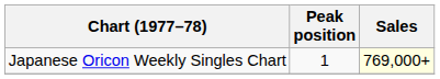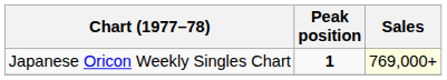 <table class="wikitable">
 <tr>
 <th align="left">Chart (1977–78)</th>
 <th align="left">Peak<br>position</th>
 <th align="left">Sales</th>
 </tr>
 <tr>
 <td>Japanese <a href='#'>Oricon</a> Weekly Singles Chart</td>
-<td align="center">1</td>
+<td align="center"><strong>1</strong></td>
 <td style="background: lightyellow;">769,000+</td>
 </tr>
 <tr>
 </tr>
 </table>
